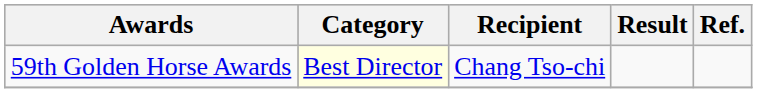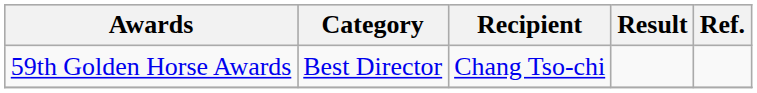 <table class="wikitable">
 <tr>
 <th>Awards</th>
 <th>Category</th>
 <th>Recipient</th>
 <th>Result</th>
 <th>Ref.</th>
 </tr>
 <tr>
 <td rowspan=1><a href='#'>59th Golden Horse Awards</a></td>
-<td style="background: lightyellow;"><a href='#'>Best Director</a></td>
+<td><a href='#'>Best Director</a></td>
 <td><a href='#'>Chang Tso-chi</a></td>
 <td></td>
 <td rowspan=1></td>
 </tr>
 <tr>
 </tr>
 </table>
